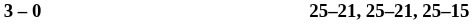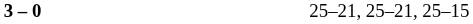 <table width=100% cellspacing=1>
 <tr>
 <th width=20%></th>
 <th width=12%></th>
 <th width=20%></th>
 <th width=33%></th>
 <td></td>
 </tr>
 <tr style=font-size:95%>
 <td align=right><strong></strong></td>
 <td align=center><strong>3 – 0</strong></td>
 <td></td>
-<td><strong>25–21, 25–21, 25–15</strong></td>
+<td>25–21, 25–21, 25–15</td>
 </tr>
 </table>
